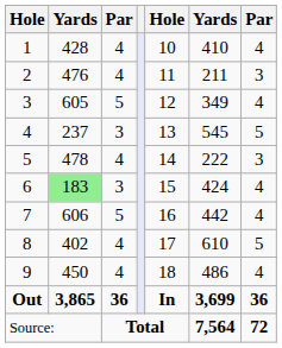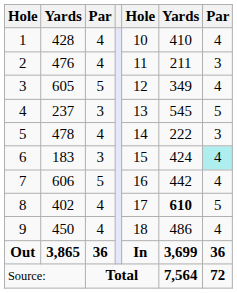 <table class="wikitable" style="text-align:center; font-size:100%;">
 <tr>
 <th>Hole</th>
 <th>Yards</th>
 <th>Par</th>
 <th></th>
 <th>Hole</th>
 <th>Yards</th>
 <th>Par</th>
 </tr>
 <tr>
 <td>1</td>
 <td>428</td>
 <td>4</td>
 <td rowspan=10 style="background:#E6E8FA;"></td>
 <td>10</td>
 <td>410</td>
 <td>4</td>
 </tr>
 <tr>
 <td>2</td>
 <td>476</td>
 <td>4</td>
 <td>11</td>
 <td>211</td>
 <td>3</td>
 </tr>
 <tr>
 <td>3</td>
 <td>605</td>
 <td>5</td>
 <td>12</td>
 <td>349</td>
 <td>4</td>
 </tr>
 <tr>
 <td>4</td>
 <td>237</td>
 <td>3</td>
 <td>13</td>
 <td>545</td>
 <td>5</td>
 </tr>
 <tr>
 <td>5</td>
 <td>478</td>
 <td>4</td>
 <td>14</td>
 <td>222</td>
 <td>3</td>
 </tr>
 <tr>
 <td>6</td>
-<td style="background: lightgreen;">183</td>
+<td>183</td>
 <td>3</td>
 <td>15</td>
 <td>424</td>
-<td>4</td>
+<td style="background: paleturquoise;">4</td>
 </tr>
 <tr>
 <td>7</td>
 <td>606</td>
 <td>5</td>
 <td>16</td>
 <td>442</td>
 <td>4</td>
 </tr>
 <tr>
 <td>8</td>
 <td>402</td>
 <td>4</td>
 <td>17</td>
-<td>610</td>
+<td><strong>610</strong></td>
 <td>5</td>
 </tr>
 <tr>
 <td>9</td>
 <td>450</td>
 <td>4</td>
 <td>18</td>
 <td>486</td>
 <td>4</td>
 </tr>
 <tr>
 <td><strong>Out</strong></td>
 <td><strong>3,865</strong></td>
 <td><strong>36</strong></td>
 <td><strong>In</strong></td>
 <td><strong>3,699</strong></td>
 <td><strong>36</strong></td>
 </tr>
 <tr>
 <td colspan=2 align=left><small>Source:</small></td>
 <td colspan=3><strong>Total</strong></td>
 <td><strong>7,564</strong></td>
 <td><strong>72</strong></td>
 </tr>
 </table>
